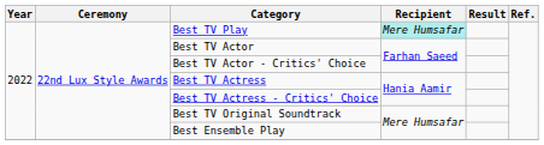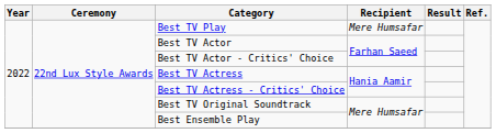 <table class="wikitable style">
 <tr>
 <th>Year</th>
 <th>Ceremony</th>
 <th>Category</th>
 <th>Recipient</th>
 <th>Result</th>
 <th>Ref.</th>
 </tr>
 <tr>
 <td rowspan="7">2022</td>
 <td rowspan="7"><a href='#'>22nd Lux Style Awards</a></td>
 <td><a href='#'>Best TV Play</a></td>
-<td style="background: paleturquoise;"><em>Mere Humsafar</em></td>
+<td><em>Mere Humsafar</em></td>
 <td></td>
 <td rowspan="7"></td>
 </tr>
 <tr>
 <td>Best TV Actor</td>
 <td rowspan="2"><a href='#'>Farhan Saeed</a></td>
 <td></td>
 </tr>
 <tr>
 <td>Best TV Actor - Critics' Choice</td>
 <td></td>
 </tr>
 <tr>
 <td><a href='#'>Best TV Actress</a></td>
 <td rowspan="2"><a href='#'>Hania Aamir</a></td>
 <td></td>
 </tr>
 <tr>
 <td><a href='#'>Best TV Actress - Critics' Choice</a></td>
 <td></td>
 </tr>
 <tr>
 <td>Best TV Original Soundtrack</td>
 <td rowspan="2"><em>Mere Humsafar</em></td>
 <td></td>
 </tr>
 <tr>
 <td>Best Ensemble Play</td>
 <td></td>
 </tr>
 <tr>
 </tr>
 </table>
